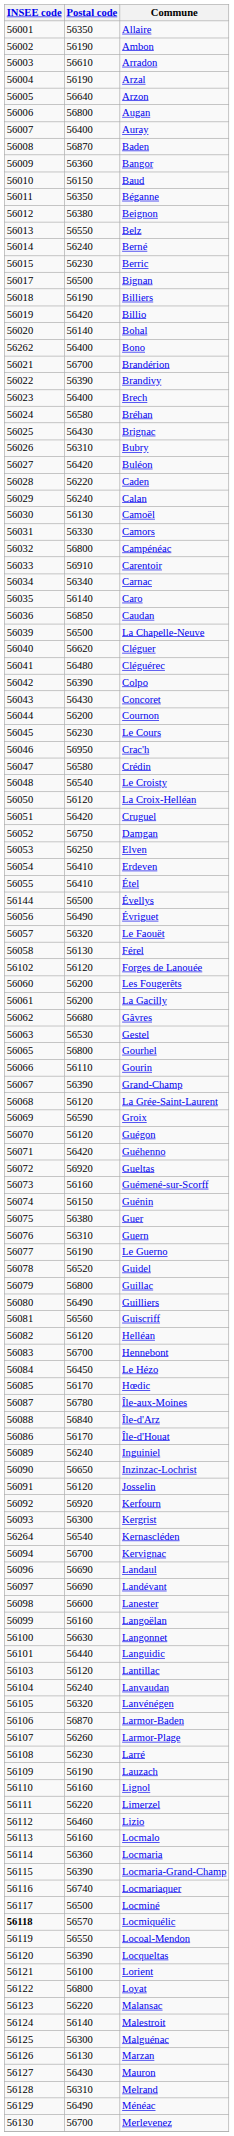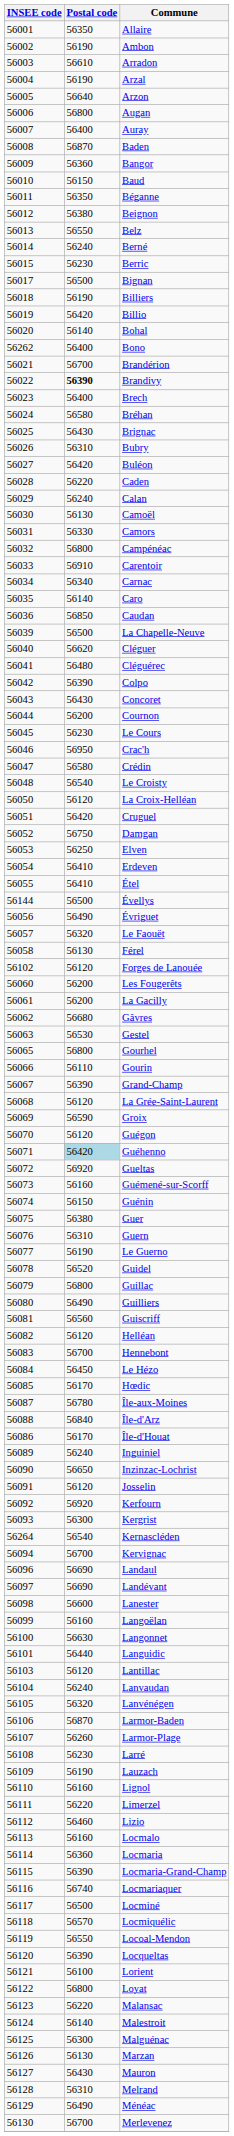 <table class="wikitable sortable">
 <tr>
 <th><a href='#'>INSEE code</a></th>
 <th><a href='#'>Postal code</a></th>
 <th>Commune</th>
 </tr>
 <tr>
 <td>56001</td>
 <td>56350</td>
 <td><a href='#'>Allaire</a></td>
 </tr>
 <tr>
 <td>56002</td>
 <td>56190</td>
 <td><a href='#'>Ambon</a></td>
 </tr>
 <tr>
 <td>56003</td>
 <td>56610</td>
 <td><a href='#'>Arradon</a></td>
 </tr>
 <tr>
 <td>56004</td>
 <td>56190</td>
 <td><a href='#'>Arzal</a></td>
 </tr>
 <tr>
 <td>56005</td>
 <td>56640</td>
 <td><a href='#'>Arzon</a></td>
 </tr>
 <tr>
 <td>56006</td>
 <td>56800</td>
 <td><a href='#'>Augan</a></td>
 </tr>
 <tr>
 <td>56007</td>
 <td>56400</td>
 <td><a href='#'>Auray</a></td>
 </tr>
 <tr>
 <td>56008</td>
 <td>56870</td>
 <td><a href='#'>Baden</a></td>
 </tr>
 <tr>
 <td>56009</td>
 <td>56360</td>
 <td><a href='#'>Bangor</a></td>
 </tr>
 <tr>
 <td>56010</td>
 <td>56150</td>
 <td><a href='#'>Baud</a></td>
 </tr>
 <tr>
 <td>56011</td>
 <td>56350</td>
 <td><a href='#'>Béganne</a></td>
 </tr>
 <tr>
 <td>56012</td>
 <td>56380</td>
 <td><a href='#'>Beignon</a></td>
 </tr>
 <tr>
 <td>56013</td>
 <td>56550</td>
 <td><a href='#'>Belz</a></td>
 </tr>
 <tr>
 <td>56014</td>
 <td>56240</td>
 <td><a href='#'>Berné</a></td>
 </tr>
 <tr>
 <td>56015</td>
 <td>56230</td>
 <td><a href='#'>Berric</a></td>
 </tr>
 <tr>
 <td>56017</td>
 <td>56500</td>
 <td><a href='#'>Bignan</a></td>
 </tr>
 <tr>
 <td>56018</td>
 <td>56190</td>
 <td><a href='#'>Billiers</a></td>
 </tr>
 <tr>
 <td>56019</td>
 <td>56420</td>
 <td><a href='#'>Billio</a></td>
 </tr>
 <tr>
 <td>56020</td>
 <td>56140</td>
 <td><a href='#'>Bohal</a></td>
 </tr>
 <tr>
 <td>56262</td>
 <td>56400</td>
 <td><a href='#'>Bono</a></td>
 </tr>
 <tr>
 <td>56021</td>
 <td>56700</td>
 <td><a href='#'>Brandérion</a></td>
 </tr>
 <tr>
 <td>56022</td>
-<td>56390</td>
+<td><strong>56390</strong></td>
 <td><a href='#'>Brandivy</a></td>
 </tr>
 <tr>
 <td>56023</td>
 <td>56400</td>
 <td><a href='#'>Brech</a></td>
 </tr>
 <tr>
 <td>56024</td>
 <td>56580</td>
 <td><a href='#'>Bréhan</a></td>
 </tr>
 <tr>
 <td>56025</td>
 <td>56430</td>
 <td><a href='#'>Brignac</a></td>
 </tr>
 <tr>
 <td>56026</td>
 <td>56310</td>
 <td><a href='#'>Bubry</a></td>
 </tr>
 <tr>
 <td>56027</td>
 <td>56420</td>
 <td><a href='#'>Buléon</a></td>
 </tr>
 <tr>
 <td>56028</td>
 <td>56220</td>
 <td><a href='#'>Caden</a></td>
 </tr>
 <tr>
 <td>56029</td>
 <td>56240</td>
 <td><a href='#'>Calan</a></td>
 </tr>
 <tr>
 <td>56030</td>
 <td>56130</td>
 <td><a href='#'>Camoël</a></td>
 </tr>
 <tr>
 <td>56031</td>
 <td>56330</td>
 <td><a href='#'>Camors</a></td>
 </tr>
 <tr>
 <td>56032</td>
 <td>56800</td>
 <td><a href='#'>Campénéac</a></td>
 </tr>
 <tr>
 <td>56033</td>
 <td>56910</td>
 <td><a href='#'>Carentoir</a></td>
 </tr>
 <tr>
 <td>56034</td>
 <td>56340</td>
 <td><a href='#'>Carnac</a></td>
 </tr>
 <tr>
 <td>56035</td>
 <td>56140</td>
 <td><a href='#'>Caro</a></td>
 </tr>
 <tr>
 <td>56036</td>
 <td>56850</td>
 <td><a href='#'>Caudan</a></td>
 </tr>
 <tr>
 <td>56039</td>
 <td>56500</td>
 <td><a href='#'>La Chapelle-Neuve</a></td>
 </tr>
 <tr>
 <td>56040</td>
 <td>56620</td>
 <td><a href='#'>Cléguer</a></td>
 </tr>
 <tr>
 <td>56041</td>
 <td>56480</td>
 <td><a href='#'>Cléguérec</a></td>
 </tr>
 <tr>
 <td>56042</td>
 <td>56390</td>
 <td><a href='#'>Colpo</a></td>
 </tr>
 <tr>
 <td>56043</td>
 <td>56430</td>
 <td><a href='#'>Concoret</a></td>
 </tr>
 <tr>
 <td>56044</td>
 <td>56200</td>
 <td><a href='#'>Cournon</a></td>
 </tr>
 <tr>
 <td>56045</td>
 <td>56230</td>
 <td><a href='#'>Le Cours</a></td>
 </tr>
 <tr>
 <td>56046</td>
 <td>56950</td>
 <td><a href='#'>Crac'h</a></td>
 </tr>
 <tr>
 <td>56047</td>
 <td>56580</td>
 <td><a href='#'>Crédin</a></td>
 </tr>
 <tr>
 <td>56048</td>
 <td>56540</td>
 <td><a href='#'>Le Croisty</a></td>
 </tr>
 <tr>
 <td>56050</td>
 <td>56120</td>
 <td><a href='#'>La Croix-Helléan</a></td>
 </tr>
 <tr>
 <td>56051</td>
 <td>56420</td>
 <td><a href='#'>Cruguel</a></td>
 </tr>
 <tr>
 <td>56052</td>
 <td>56750</td>
 <td><a href='#'>Damgan</a></td>
 </tr>
 <tr>
 <td>56053</td>
 <td>56250</td>
 <td><a href='#'>Elven</a></td>
 </tr>
 <tr>
 <td>56054</td>
 <td>56410</td>
 <td><a href='#'>Erdeven</a></td>
 </tr>
 <tr>
 <td>56055</td>
 <td>56410</td>
 <td><a href='#'>Étel</a></td>
 </tr>
 <tr>
 <td>56144</td>
 <td>56500</td>
 <td><a href='#'>Évellys</a></td>
 </tr>
 <tr>
 <td>56056</td>
 <td>56490</td>
 <td><a href='#'>Évriguet</a></td>
 </tr>
 <tr>
 <td>56057</td>
 <td>56320</td>
 <td><a href='#'>Le Faouët</a></td>
 </tr>
 <tr>
 <td>56058</td>
 <td>56130</td>
 <td><a href='#'>Férel</a></td>
 </tr>
 <tr>
 <td>56102</td>
 <td>56120</td>
 <td><a href='#'>Forges de Lanouée</a></td>
 </tr>
 <tr>
 <td>56060</td>
 <td>56200</td>
 <td><a href='#'>Les Fougerêts</a></td>
 </tr>
 <tr>
 <td>56061</td>
 <td>56200</td>
 <td><a href='#'>La Gacilly</a></td>
 </tr>
 <tr>
 <td>56062</td>
 <td>56680</td>
 <td><a href='#'>Gâvres</a></td>
 </tr>
 <tr>
 <td>56063</td>
 <td>56530</td>
 <td><a href='#'>Gestel</a></td>
 </tr>
 <tr>
 <td>56065</td>
 <td>56800</td>
 <td><a href='#'>Gourhel</a></td>
 </tr>
 <tr>
 <td>56066</td>
 <td>56110</td>
 <td><a href='#'>Gourin</a></td>
 </tr>
 <tr>
 <td>56067</td>
 <td>56390</td>
 <td><a href='#'>Grand-Champ</a></td>
 </tr>
 <tr>
 <td>56068</td>
 <td>56120</td>
 <td><a href='#'>La Grée-Saint-Laurent</a></td>
 </tr>
 <tr>
 <td>56069</td>
 <td>56590</td>
 <td><a href='#'>Groix</a></td>
 </tr>
 <tr>
 <td>56070</td>
 <td>56120</td>
 <td><a href='#'>Guégon</a></td>
 </tr>
 <tr>
 <td>56071</td>
-<td>56420</td>
+<td style="background: lightblue;">56420</td>
 <td><a href='#'>Guéhenno</a></td>
 </tr>
 <tr>
 <td>56072</td>
 <td>56920</td>
 <td><a href='#'>Gueltas</a></td>
 </tr>
 <tr>
 <td>56073</td>
 <td>56160</td>
 <td><a href='#'>Guémené-sur-Scorff</a></td>
 </tr>
 <tr>
 <td>56074</td>
 <td>56150</td>
 <td><a href='#'>Guénin</a></td>
 </tr>
 <tr>
 <td>56075</td>
 <td>56380</td>
 <td><a href='#'>Guer</a></td>
 </tr>
 <tr>
 <td>56076</td>
 <td>56310</td>
 <td><a href='#'>Guern</a></td>
 </tr>
 <tr>
 <td>56077</td>
 <td>56190</td>
 <td><a href='#'>Le Guerno</a></td>
 </tr>
 <tr>
 <td>56078</td>
 <td>56520</td>
 <td><a href='#'>Guidel</a></td>
 </tr>
 <tr>
 <td>56079</td>
 <td>56800</td>
 <td><a href='#'>Guillac</a></td>
 </tr>
 <tr>
 <td>56080</td>
 <td>56490</td>
 <td><a href='#'>Guilliers</a></td>
 </tr>
 <tr>
 <td>56081</td>
 <td>56560</td>
 <td><a href='#'>Guiscriff</a></td>
 </tr>
 <tr>
 <td>56082</td>
 <td>56120</td>
 <td><a href='#'>Helléan</a></td>
 </tr>
 <tr>
 <td>56083</td>
 <td>56700</td>
 <td><a href='#'>Hennebont</a></td>
 </tr>
 <tr>
 <td>56084</td>
 <td>56450</td>
 <td><a href='#'>Le Hézo</a></td>
 </tr>
 <tr>
 <td>56085</td>
 <td>56170</td>
 <td><a href='#'>Hœdic</a></td>
 </tr>
 <tr>
 <td>56087</td>
 <td>56780</td>
 <td><a href='#'>Île-aux-Moines</a></td>
 </tr>
 <tr>
 <td>56088</td>
 <td>56840</td>
 <td><a href='#'>Île-d'Arz</a></td>
 </tr>
 <tr>
 <td>56086</td>
 <td>56170</td>
 <td><a href='#'>Île-d'Houat</a></td>
 </tr>
 <tr>
 <td>56089</td>
 <td>56240</td>
 <td><a href='#'>Inguiniel</a></td>
 </tr>
 <tr>
 <td>56090</td>
 <td>56650</td>
 <td><a href='#'>Inzinzac-Lochrist</a></td>
 </tr>
 <tr>
 <td>56091</td>
 <td>56120</td>
 <td><a href='#'>Josselin</a></td>
 </tr>
 <tr>
 <td>56092</td>
 <td>56920</td>
 <td><a href='#'>Kerfourn</a></td>
 </tr>
 <tr>
 <td>56093</td>
 <td>56300</td>
 <td><a href='#'>Kergrist</a></td>
 </tr>
 <tr>
 <td>56264</td>
 <td>56540</td>
 <td><a href='#'>Kernascléden</a></td>
 </tr>
 <tr>
 <td>56094</td>
 <td>56700</td>
 <td><a href='#'>Kervignac</a></td>
 </tr>
 <tr>
 <td>56096</td>
 <td>56690</td>
 <td><a href='#'>Landaul</a></td>
 </tr>
 <tr>
 <td>56097</td>
 <td>56690</td>
 <td><a href='#'>Landévant</a></td>
 </tr>
 <tr>
 <td>56098</td>
 <td>56600</td>
 <td><a href='#'>Lanester</a></td>
 </tr>
 <tr>
 <td>56099</td>
 <td>56160</td>
 <td><a href='#'>Langoëlan</a></td>
 </tr>
 <tr>
 <td>56100</td>
 <td>56630</td>
 <td><a href='#'>Langonnet</a></td>
 </tr>
 <tr>
 <td>56101</td>
 <td>56440</td>
 <td><a href='#'>Languidic</a></td>
 </tr>
 <tr>
 <td>56103</td>
 <td>56120</td>
 <td><a href='#'>Lantillac</a></td>
 </tr>
 <tr>
 <td>56104</td>
 <td>56240</td>
 <td><a href='#'>Lanvaudan</a></td>
 </tr>
 <tr>
 <td>56105</td>
 <td>56320</td>
 <td><a href='#'>Lanvénégen</a></td>
 </tr>
 <tr>
 <td>56106</td>
 <td>56870</td>
 <td><a href='#'>Larmor-Baden</a></td>
 </tr>
 <tr>
 <td>56107</td>
 <td>56260</td>
 <td><a href='#'>Larmor-Plage</a></td>
 </tr>
 <tr>
 <td>56108</td>
 <td>56230</td>
 <td><a href='#'>Larré</a></td>
 </tr>
 <tr>
 <td>56109</td>
 <td>56190</td>
 <td><a href='#'>Lauzach</a></td>
 </tr>
 <tr>
 <td>56110</td>
 <td>56160</td>
 <td><a href='#'>Lignol</a></td>
 </tr>
 <tr>
 <td>56111</td>
 <td>56220</td>
 <td><a href='#'>Limerzel</a></td>
 </tr>
 <tr>
 <td>56112</td>
 <td>56460</td>
 <td><a href='#'>Lizio</a></td>
 </tr>
 <tr>
 <td>56113</td>
 <td>56160</td>
 <td><a href='#'>Locmalo</a></td>
 </tr>
 <tr>
 <td>56114</td>
 <td>56360</td>
 <td><a href='#'>Locmaria</a></td>
 </tr>
 <tr>
 <td>56115</td>
 <td>56390</td>
 <td><a href='#'>Locmaria-Grand-Champ</a></td>
 </tr>
 <tr>
 <td>56116</td>
 <td>56740</td>
 <td><a href='#'>Locmariaquer</a></td>
 </tr>
 <tr>
 <td>56117</td>
 <td>56500</td>
 <td><a href='#'>Locminé</a></td>
 </tr>
 <tr>
-<td><strong>56118</strong></td>
+<td>56118</td>
 <td>56570</td>
 <td><a href='#'>Locmiquélic</a></td>
 </tr>
 <tr>
 <td>56119</td>
 <td>56550</td>
 <td><a href='#'>Locoal-Mendon</a></td>
 </tr>
 <tr>
 <td>56120</td>
 <td>56390</td>
 <td><a href='#'>Locqueltas</a></td>
 </tr>
 <tr>
 <td>56121</td>
 <td>56100</td>
 <td><a href='#'>Lorient</a></td>
 </tr>
 <tr>
 <td>56122</td>
 <td>56800</td>
 <td><a href='#'>Loyat</a></td>
 </tr>
 <tr>
 <td>56123</td>
 <td>56220</td>
 <td><a href='#'>Malansac</a></td>
 </tr>
 <tr>
 <td>56124</td>
 <td>56140</td>
 <td><a href='#'>Malestroit</a></td>
 </tr>
 <tr>
 <td>56125</td>
 <td>56300</td>
 <td><a href='#'>Malguénac</a></td>
 </tr>
 <tr>
 <td>56126</td>
 <td>56130</td>
 <td><a href='#'>Marzan</a></td>
 </tr>
 <tr>
 <td>56127</td>
 <td>56430</td>
 <td><a href='#'>Mauron</a></td>
 </tr>
 <tr>
 <td>56128</td>
 <td>56310</td>
 <td><a href='#'>Melrand</a></td>
 </tr>
 <tr>
 <td>56129</td>
 <td>56490</td>
 <td><a href='#'>Ménéac</a></td>
 </tr>
 <tr>
 <td>56130</td>
 <td>56700</td>
 <td><a href='#'>Merlevenez</a></td>
 </tr>
 <tr>
 </tr>
 </table>
